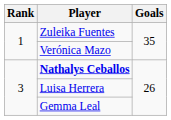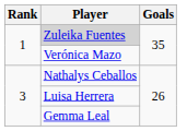 <table class="wikitable" style="text-align:center;">
 <tr>
 <th>Rank</th>
 <th>Player</th>
 <th>Goals</th>
 </tr>
 <tr>
 <td rowspan=2>1</td>
-<td align=left> <a href='#'>Zuleika Fuentes</a></td>
+<td align=left style="background: lightgrey;"> <a href='#'>Zuleika Fuentes</a></td>
 <td rowspan=2>35</td>
 </tr>
 <tr>
 <td align=left> <a href='#'>Verónica Mazo</a></td>
 </tr>
 <tr>
 <td rowspan=3>3</td>
-<td align=left><strong> <a href='#'>Nathalys Ceballos</a></strong></td>
+<td align=left> <a href='#'>Nathalys Ceballos</a></td>
 <td rowspan=3>26</td>
 </tr>
 <tr>
 <td align=left> <a href='#'>Luisa Herrera</a></td>
 </tr>
 <tr>
 <td align=left> <a href='#'>Gemma Leal</a></td>
 </tr>
 </table>
